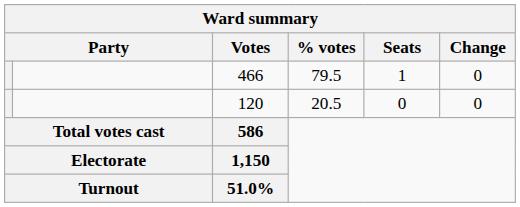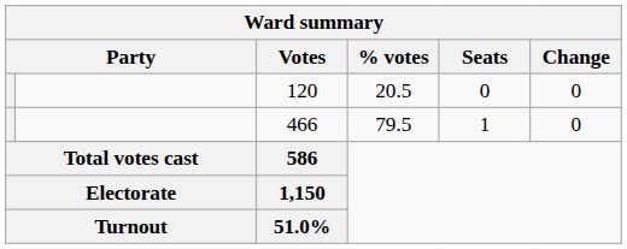 <table class="wikitable" style="font-size: 95%;">
 <tr style="background-color:#E9E9E9">
 <th colspan="6">Ward summary</th>
 </tr>
 <tr style="background-color:#E9E9E9">
 <th colspan="2">Party</th>
 <th style="width: 60px">Votes</th>
 <th style="width: 60px">% votes</th>
 <th style="width: 60px">Seats</th>
 <th style="width: 60px">Change</th>
 </tr>
 <tr>
 <th style="background-color: "></th>
 <td style="width: 170px"><a href='#'></a></td>
-<td align="center">466</td>
-<td align="center">79.5</td>
-<td align="center">1</td>
+<td align="center">120</td>
+<td align="center">20.5</td>
+<td align="center">0</td>
 <td align="center">0</td>
 </tr>
 <tr>
 <th style="background-color: "></th>
 <td style="width: 170px"><a href='#'></a></td>
-<td align="center">120</td>
-<td align="center">20.5</td>
-<td align="center">0</td>
+<td align="center">466</td>
+<td align="center">79.5</td>
+<td align="center">1</td>
 <td align="center">0</td>
 </tr>
 <tr style="background-color:#E9E9E9">
 <th colspan="2">Total votes cast</th>
 <th style="width: 60px">586</th>
 </tr>
 <tr style="background-color:#E9E9E9">
 <th colspan="2">Electorate</th>
 <th style="width: 60px">1,150</th>
 </tr>
 <tr style="background-color:#E9E9E9">
 <th colspan="2">Turnout</th>
 <th style="width: 60px">51.0%</th>
 </tr>
 </table>
